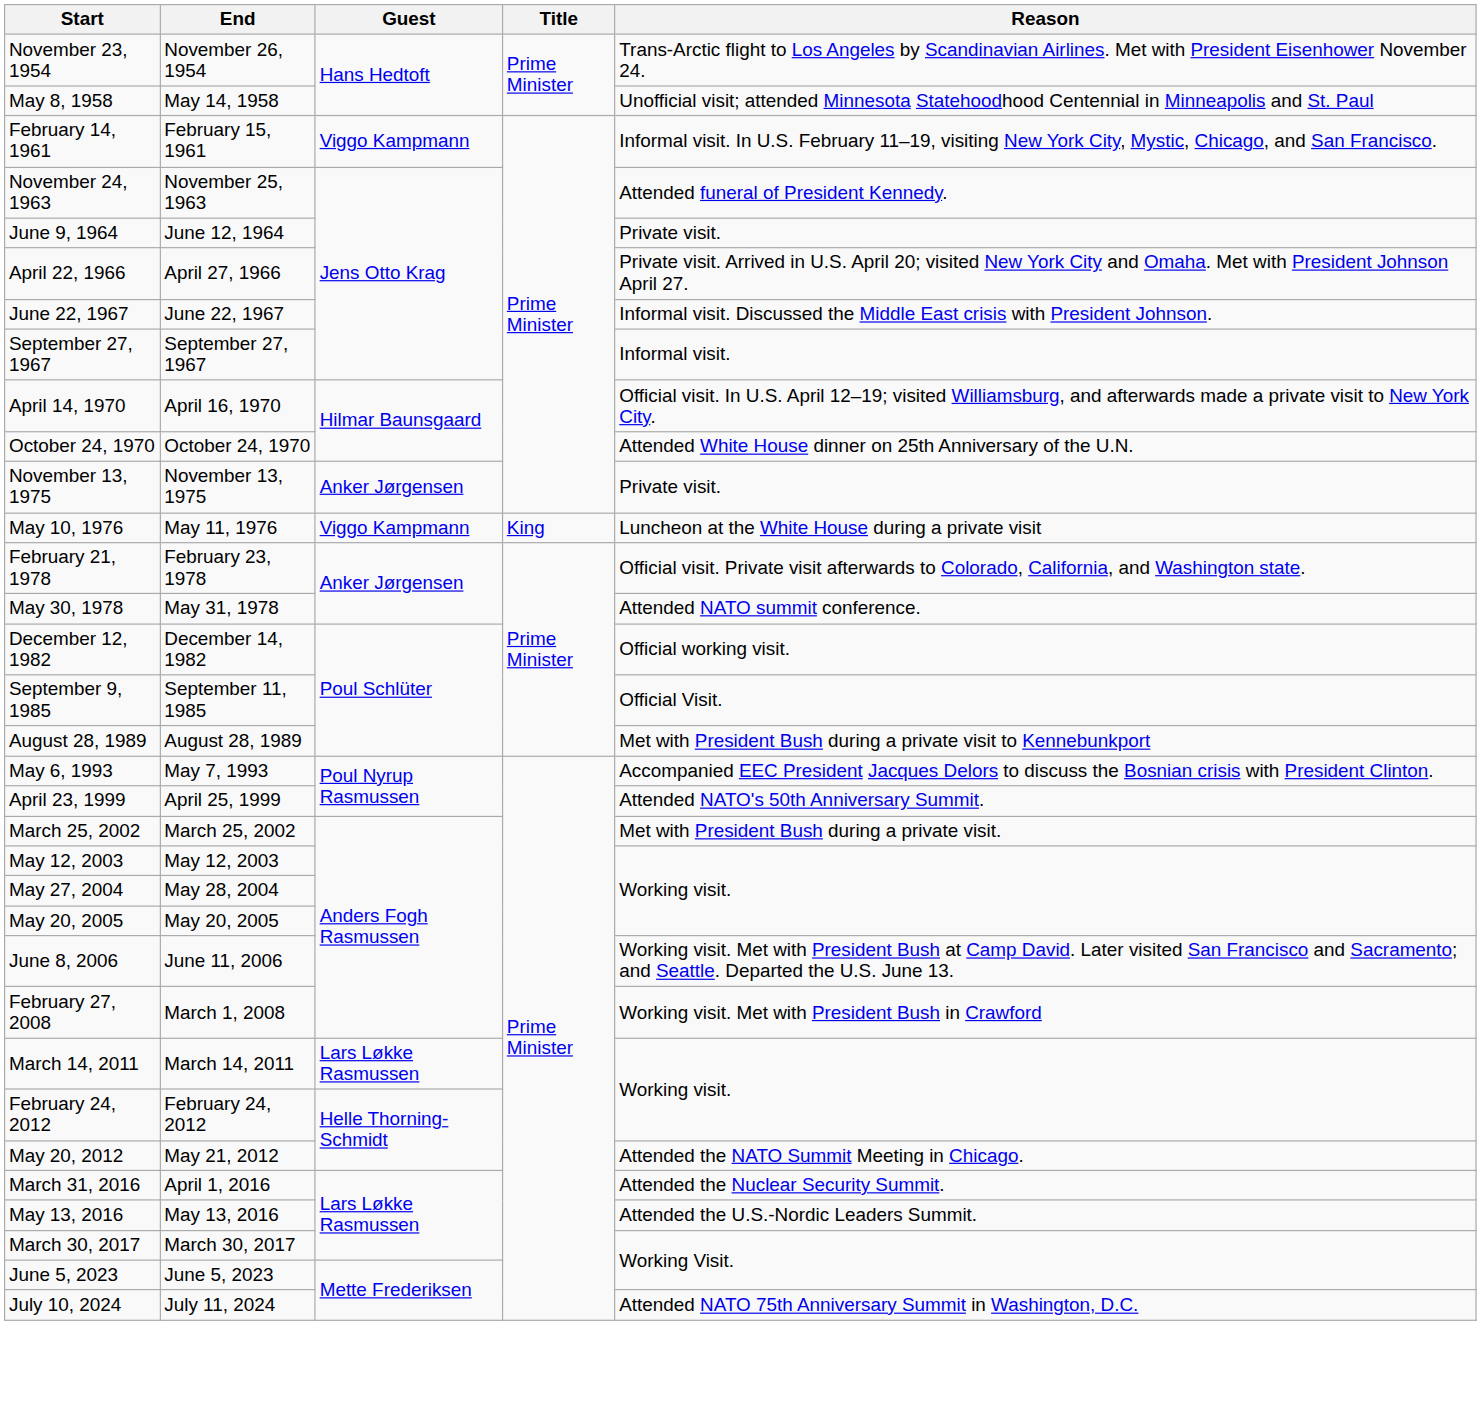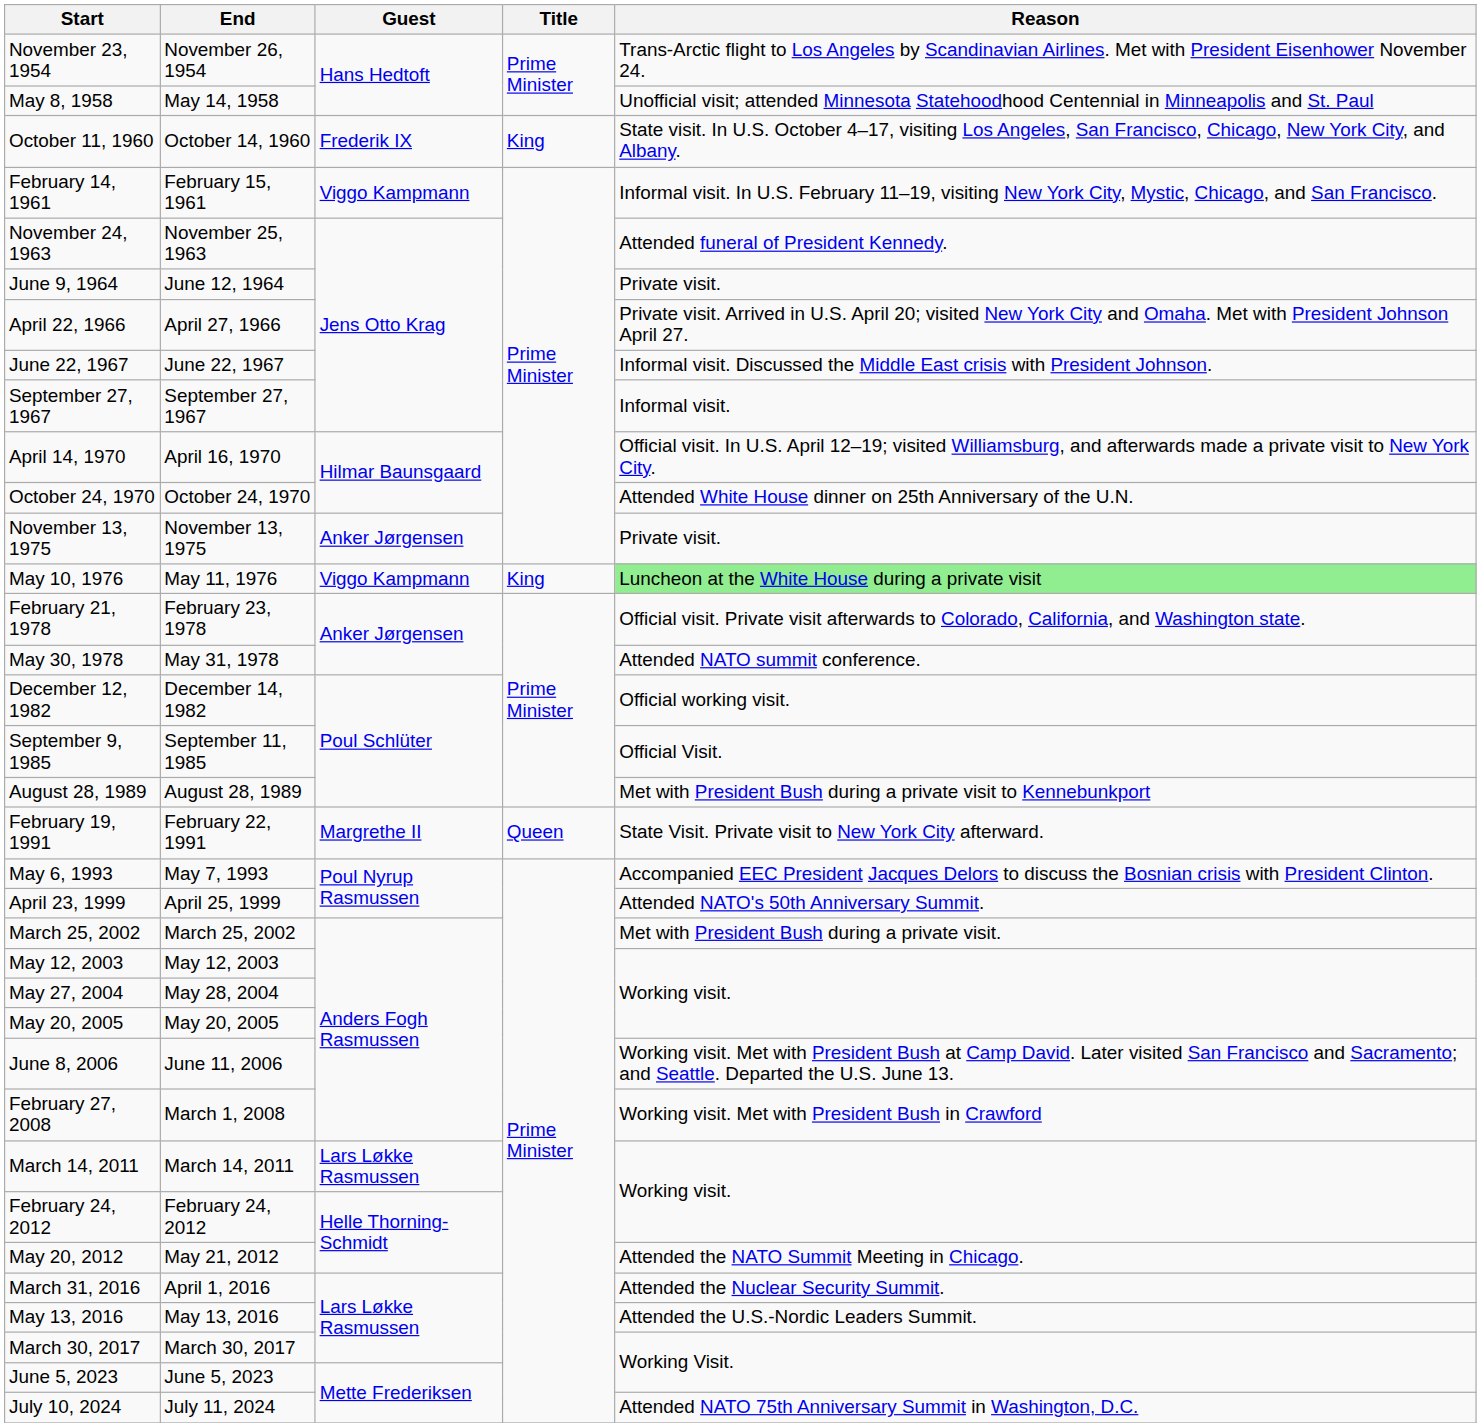 <table class="wikitable sortable">
 <tr>
 <th>Start</th>
 <th>End</th>
 <th>Guest</th>
 <th>Title</th>
 <th>Reason</th>
 </tr>
 <tr>
 <td>November 23, 1954</td>
 <td>November 26, 1954</td>
 <td rowspan=2><a href='#'>Hans Hedtoft</a></td>
 <td rowspan=2><a href='#'>Prime Minister</a></td>
 <td Arrived in U.S. November 16, aboard inaugural>Trans-Arctic flight to <a href='#'>Los Angeles</a> by <a href='#'>Scandinavian Airlines</a>. Met with <a href='#'>President Eisenhower</a> November 24.</td>
 </tr>
 <tr>
 <td>May 8, 1958</td>
 <td>May 14, 1958</td>
 <td>Unofficial visit; attended <a href='#'>Minnesota</a> <a href='#'>Statehood</a>hood Centennial in <a href='#'>Minneapolis</a> and <a href='#'>St. Paul</a></td>
+</tr>
+<tr>
+<td>October 11, 1960</td>
+<td>October 14, 1960</td>
+<td><a href='#'>Frederik IX</a></td>
+<td><a href='#'>King</a></td>
+<td>State visit. In U.S. October 4–17, visiting <a href='#'>Los Angeles</a>, <a href='#'>San Francisco</a>, <a href='#'>Chicago</a>, <a href='#'>New York City</a>, and <a href='#'>Albany</a>.</td>
 </tr>
 <tr>
 <td>February 14, 1961</td>
 <td>February 15, 1961</td>
 <td><a href='#'>Viggo Kampmann</a></td>
 <td rowspan="9"><a href='#'>Prime Minister</a></td>
 <td>Informal visit. In U.S. February 11–19, visiting <a href='#'>New York City</a>, <a href='#'>Mystic</a>, <a href='#'>Chicago</a>, and <a href='#'>San Francisco</a>.</td>
 </tr>
 <tr>
 <td>November 24, 1963</td>
 <td>November 25, 1963</td>
 <td rowspan=5><a href='#'>Jens Otto Krag</a></td>
 <td>Attended <a href='#'>funeral of President Kennedy</a>.</td>
 </tr>
 <tr>
 <td>June 9, 1964</td>
 <td>June 12, 1964</td>
 <td>Private visit.</td>
 </tr>
 <tr>
 <td>April 22, 1966</td>
 <td>April 27, 1966</td>
 <td>Private visit. Arrived in U.S. April 20; visited <a href='#'>New York City</a> and <a href='#'>Omaha</a>. Met with <a href='#'>President Johnson</a> April 27.</td>
 </tr>
 <tr>
 <td>June 22, 1967</td>
 <td>June 22, 1967</td>
 <td>Informal visit. Discussed the <a href='#'>Middle East crisis</a> with <a href='#'>President Johnson</a>.</td>
 </tr>
 <tr>
 <td>September 27, 1967</td>
 <td>September 27, 1967</td>
 <td>Informal visit.</td>
 </tr>
 <tr>
 <td>April 14, 1970</td>
 <td>April 16, 1970</td>
 <td rowspan=2><a href='#'>Hilmar Baunsgaard</a></td>
 <td>Official visit. In U.S. April 12–19; visited <a href='#'>Williamsburg</a>, and afterwards made a private visit to <a href='#'>New York City</a>.</td>
 </tr>
 <tr>
 <td>October 24, 1970</td>
 <td>October 24, 1970</td>
 <td>Attended <a href='#'>White House</a> dinner on 25th Anniversary of the U.N.</td>
 </tr>
 <tr>
 <td>November 13, 1975</td>
 <td>November 13, 1975</td>
 <td><a href='#'>Anker Jørgensen</a></td>
 <td>Private visit.</td>
 </tr>
 <tr>
 <td>May 10, 1976</td>
 <td>May 11, 1976</td>
 <td><a href='#'>Viggo Kampmann</a></td>
 <td><a href='#'>King</a></td>
-<td>Luncheon at the <a href='#'>White House</a> during a private visit</td>
+<td style="background: lightgreen;">Luncheon at the <a href='#'>White House</a> during a private visit</td>
 </tr>
 <tr>
 <td>February 21, 1978</td>
 <td>February 23, 1978</td>
 <td rowspan=2><a href='#'>Anker Jørgensen</a></td>
 <td rowspan="5"><a href='#'>Prime Minister</a></td>
 <td>Official visit. Private visit afterwards to <a href='#'>Colorado</a>, <a href='#'>California</a>, and <a href='#'>Washington state</a>.</td>
 </tr>
 <tr>
 <td>May 30, 1978</td>
 <td>May 31, 1978</td>
 <td>Attended <a href='#'>NATO summit</a> conference.</td>
 </tr>
 <tr>
 <td>December 12, 1982</td>
 <td>December 14, 1982</td>
 <td rowspan=3><a href='#'>Poul Schlüter</a></td>
 <td>Official working visit.</td>
 </tr>
 <tr>
 <td>September 9, 1985</td>
 <td>September 11, 1985</td>
 <td>Official Visit.</td>
 </tr>
 <tr>
 <td>August 28, 1989</td>
 <td>August 28, 1989</td>
 <td>Met with <a href='#'>President Bush</a> during a private visit to <a href='#'>Kennebunkport</a></td>
+</tr>
+<tr>
+<td>February 19, 1991</td>
+<td>February 22, 1991</td>
+<td><a href='#'>Margrethe II</a></td>
+<td><a href='#'>Queen</a></td>
+<td>State Visit. Private visit to <a href='#'>New York City</a> afterward.</td>
 </tr>
 <tr>
 <td>May 6, 1993</td>
 <td>May 7, 1993</td>
 <td rowspan=2><a href='#'>Poul Nyrup Rasmussen</a></td>
 <td rowspan="16"><a href='#'>Prime Minister</a></td>
 <td>Accompanied <a href='#'>EEC President</a> <a href='#'>Jacques Delors</a> to discuss the <a href='#'>Bosnian crisis</a> with <a href='#'>President Clinton</a>.</td>
 </tr>
 <tr>
 <td>April 23, 1999</td>
 <td>April 25, 1999</td>
 <td>Attended <a href='#'>NATO's 50th Anniversary Summit</a>.</td>
 </tr>
 <tr>
 <td>March 25, 2002</td>
 <td>March 25, 2002</td>
 <td rowspan=6><a href='#'>Anders Fogh Rasmussen</a></td>
 <td>Met with <a href='#'>President Bush</a> during a private visit.</td>
 </tr>
 <tr>
 <td>May 12, 2003</td>
 <td>May 12, 2003</td>
 <td rowspan=3>Working visit.</td>
 </tr>
 <tr>
 <td>May 27, 2004</td>
 <td>May 28, 2004</td>
 </tr>
 <tr>
 <td>May 20, 2005</td>
 <td>May 20, 2005</td>
 </tr>
 <tr>
 <td>June 8, 2006</td>
 <td>June 11, 2006</td>
 <td>Working visit. Met with <a href='#'>President Bush</a> at <a href='#'>Camp David</a>. Later visited <a href='#'>San Francisco</a> and <a href='#'>Sacramento</a>; and <a href='#'>Seattle</a>. Departed the U.S. June 13.</td>
 </tr>
 <tr>
 <td>February 27, 2008</td>
 <td>March 1, 2008</td>
 <td>Working visit. Met with <a href='#'>President Bush</a> in <a href='#'>Crawford</a></td>
 </tr>
 <tr>
 <td>March 14, 2011</td>
 <td>March 14, 2011</td>
 <td><a href='#'>Lars Løkke Rasmussen</a></td>
 <td rowspan=2>Working visit.</td>
 </tr>
 <tr>
 <td>February 24, 2012</td>
 <td>February 24, 2012</td>
 <td rowspan=2><a href='#'>Helle Thorning-Schmidt</a></td>
 </tr>
 <tr>
 <td>May 20, 2012</td>
 <td>May 21, 2012</td>
 <td>Attended the <a href='#'>NATO Summit</a> Meeting in <a href='#'>Chicago</a>.</td>
 </tr>
 <tr>
 <td>March 31, 2016</td>
 <td>April 1, 2016</td>
 <td rowspan=3><a href='#'>Lars Løkke Rasmussen</a></td>
 <td>Attended the <a href='#'>Nuclear Security Summit</a>.</td>
 </tr>
 <tr>
 <td>May 13, 2016</td>
 <td>May 13, 2016</td>
 <td>Attended the U.S.-Nordic Leaders Summit.</td>
 </tr>
 <tr>
 <td>March 30, 2017</td>
 <td>March 30, 2017</td>
 <td rowspan="2">Working Visit.</td>
 </tr>
 <tr>
 <td>June 5, 2023</td>
 <td>June 5, 2023</td>
 <td rowspan=2><a href='#'>Mette Frederiksen</a></td>
 </tr>
 <tr>
 <td>July 10, 2024</td>
 <td>July 11, 2024</td>
 <td>Attended <a href='#'>NATO 75th Anniversary Summit</a> in <a href='#'>Washington, D.C.</a></td>
 </tr>
 </table>
